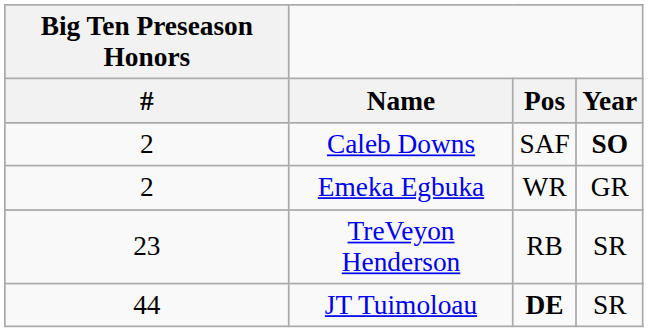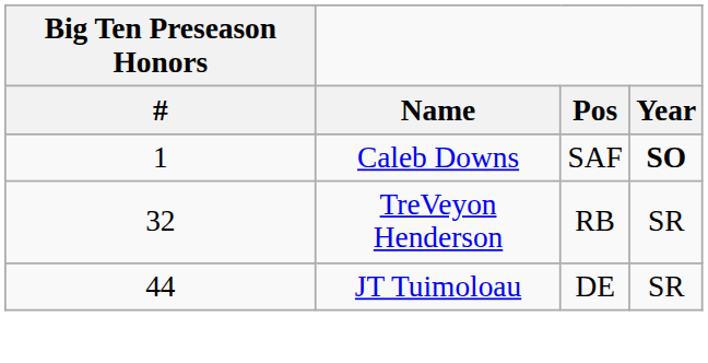 <table style="width:60%; text-align:center;" class="wikitable collapsible collapsed">
 <tr>
 <th style="text-align:center; ">Big Ten Preseason Honors</th>
 </tr>
 <tr>
 <th>#</th>
 <th>Name</th>
 <th>Pos</th>
 <th>Year</th>
 </tr>
 <tr>
-<td>2</td>
+<td>1</td>
 <td><a href='#'>Caleb Downs</a></td>
 <td>SAF</td>
 <td><strong>SO</strong></td>
 </tr>
 <tr>
-<td>2</td>
-<td><a href='#'>Emeka Egbuka</a></td>
-<td>WR</td>
-<td>GR</td>
-</tr>
-<tr>
-<td>23</td>
+<td>32</td>
 <td><a href='#'>TreVeyon Henderson</a></td>
 <td>RB</td>
 <td>SR</td>
 </tr>
 <tr>
 <td>44</td>
 <td><a href='#'>JT Tuimoloau</a></td>
-<td><strong>DE</strong></td>
+<td>DE</td>
 <td>SR</td>
 </tr>
 </table>
